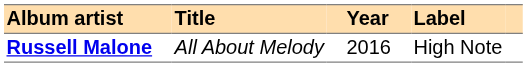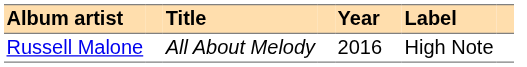 <table cellspacing="0" cellpadding="2" border="0">
 <tr style="background:#ffdead;">
 <th align="left" style="border-bottom:1px solid grey; border-top:1px solid grey;">Album artist</th>
 <th width="10" style="border-bottom:1px solid grey; border-top:1px solid grey;"></th>
 <th align="left" style="border-bottom:1px solid grey; border-top:1px solid grey;">Title</th>
 <th width="10" style="border-bottom:1px solid grey; border-top:1px solid grey;"></th>
 <th align="left" style="border-bottom:1px solid grey; border-top:1px solid grey;">Year</th>
 <th width="10" style="border-bottom:1px solid grey; border-top:1px solid grey;"></th>
 <th align="left" style="border-bottom:1px solid grey; border-top:1px solid grey;">Label</th>
 <th width="10" style="border-bottom:1px solid grey; border-top:1px solid grey;"></th>
 </tr>
 <tr>
-<td style="border-bottom:1px solid grey;"><strong><a href='#'>Russell Malone</a></strong></td>
+<td style="border-bottom:1px solid grey;"><a href='#'>Russell Malone</a></td>
 <td style="border-bottom:1px solid grey;"></td>
 <td style="border-bottom:1px solid grey;"><em>All About Melody</em></td>
 <td style="border-bottom:1px solid grey;"></td>
 <td style="border-bottom:1px solid grey;">2016</td>
 <td style="border-bottom:1px solid grey;"></td>
 <td style="border-bottom:1px solid grey;">High Note </td>
 <td style="border-bottom:1px solid grey;"></td>
 </tr>
 </table>
